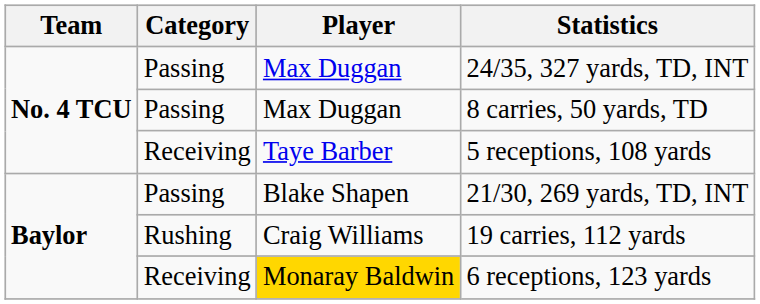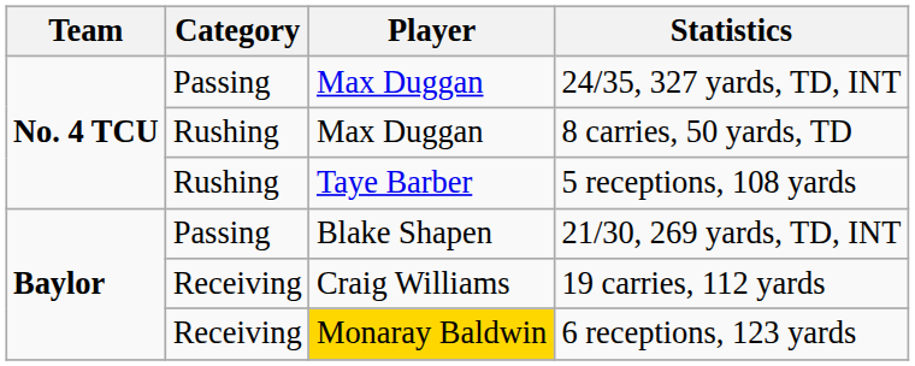 <table class="wikitable" style="float: right;">
 <tr>
 <th>Team</th>
 <th>Category</th>
 <th>Player</th>
 <th>Statistics</th>
 </tr>
 <tr>
 <td rowspan=3><strong>No. 4 TCU</strong></td>
 <td>Passing</td>
 <td><a href='#'>Max Duggan</a></td>
 <td>24/35, 327 yards, TD, INT</td>
 </tr>
 <tr>
-<td>Passing</td>
+<td>Rushing</td>
 <td>Max Duggan</td>
 <td>8 carries, 50 yards, TD</td>
 </tr>
 <tr>
-<td>Receiving</td>
+<td>Rushing</td>
 <td><a href='#'>Taye Barber</a></td>
 <td>5 receptions, 108 yards</td>
 </tr>
 <tr>
 <td rowspan=3><strong>Baylor</strong></td>
 <td>Passing</td>
 <td>Blake Shapen</td>
 <td>21/30, 269 yards, TD, INT</td>
 </tr>
 <tr>
-<td>Rushing</td>
+<td>Receiving</td>
 <td>Craig Williams</td>
 <td>19 carries, 112 yards</td>
 </tr>
 <tr>
 <td>Receiving</td>
 <td style="background: gold;">Monaray Baldwin</td>
 <td>6 receptions, 123 yards</td>
 </tr>
 </table>
